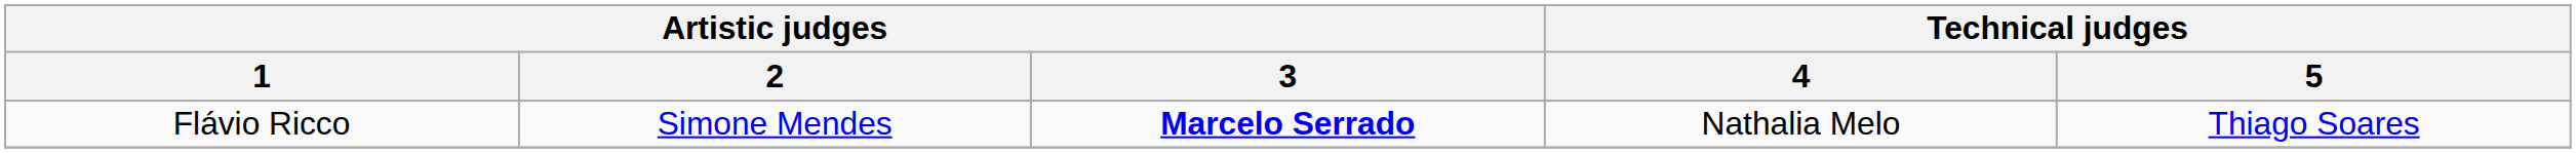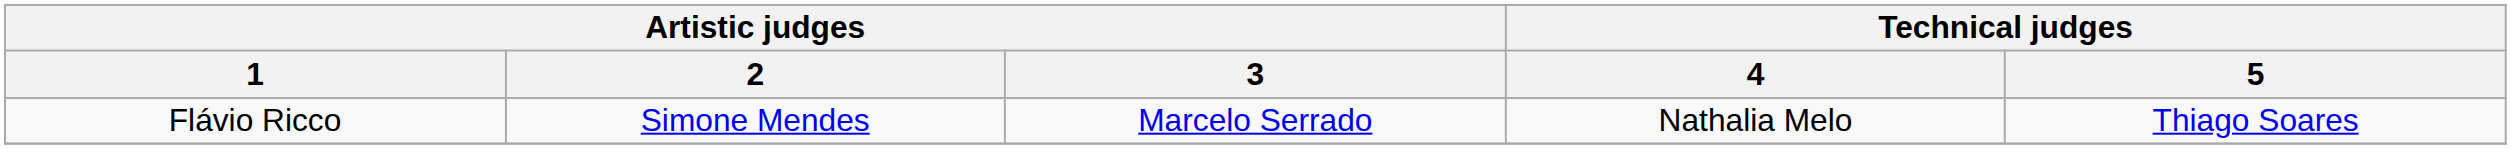 <table class="wikitable" style="font-size:100%; line-height:16px; text-align:center" width="100%">
 <tr>
 <th colspan=3>Artistic judges</th>
 <th colspan=2>Technical judges</th>
 </tr>
 <tr>
 <th width="20.0%">1</th>
 <th width="20.0%">2</th>
 <th width="20.0%">3</th>
 <th width="20.0%">4</th>
 <th width="20.0%">5</th>
 </tr>
 <tr>
 <td>Flávio Ricco</td>
 <td><a href='#'>Simone Mendes</a></td>
-<td><strong><a href='#'>Marcelo Serrado</a></strong></td>
+<td><a href='#'>Marcelo Serrado</a></td>
 <td>Nathalia Melo</td>
 <td><a href='#'>Thiago Soares</a></td>
 </tr>
 <tr>
 </tr>
 </table>
